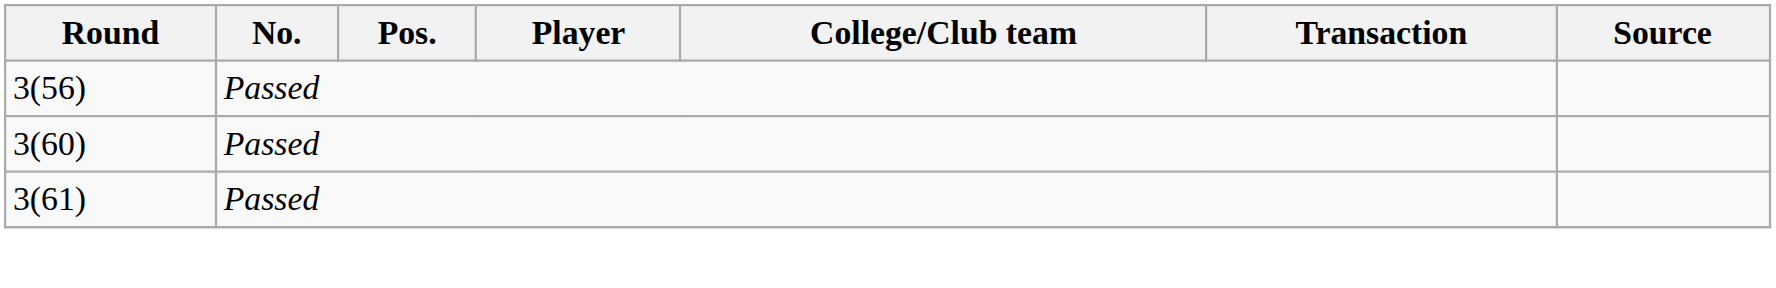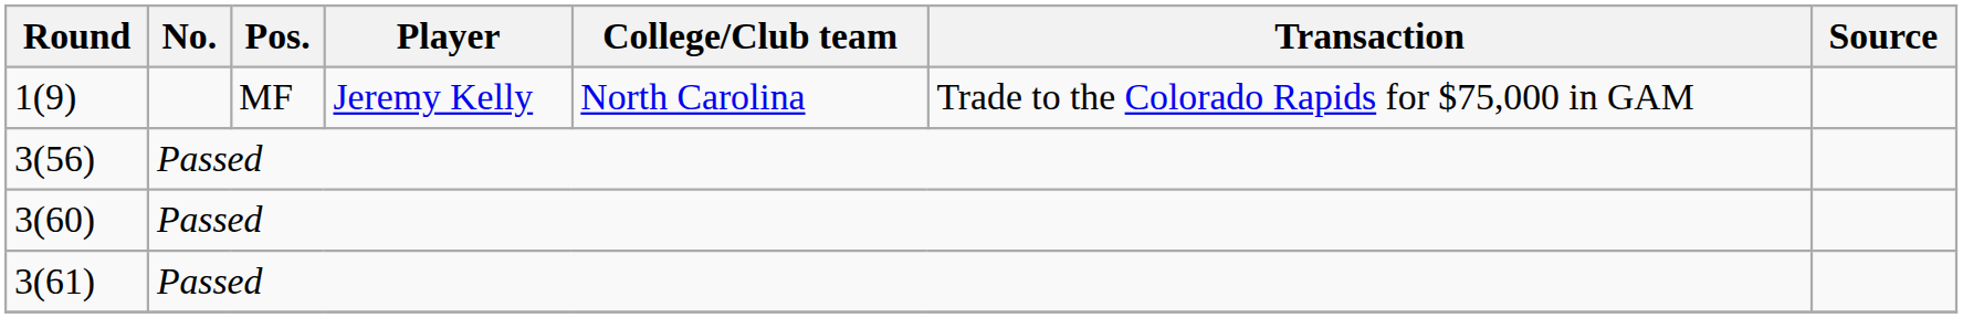 <table class="wikitable sortable" style="width:90%; text-align:center; font-size:95%; text-align:left;">
 <tr>
 <th>Round</th>
 <th>No.</th>
 <th>Pos.</th>
 <th>Player</th>
 <th>College/Club team</th>
 <th>Transaction</th>
 <th>Source</th>
+</tr>
+<tr>
+<td>1(9)</td>
+<td></td>
+<td>MF</td>
+<td> <a href='#'>Jeremy Kelly</a></td>
+<td> <a href='#'>North Carolina</a></td>
+<td>Trade to the <a href='#'>Colorado Rapids</a> for $75,000 in GAM</td>
+<td></td>
 </tr>
 <tr>
 <td>3(56)</td>
 <td colspan="5"><em>Passed</em></td>
 <td></td>
 </tr>
 <tr>
 <td>3(60)</td>
 <td colspan="5"><em>Passed</em></td>
 <td></td>
 </tr>
 <tr>
 <td>3(61)</td>
 <td colspan="5"><em>Passed</em></td>
 <td></td>
 </tr>
 <tr>
 </tr>
 </table>
